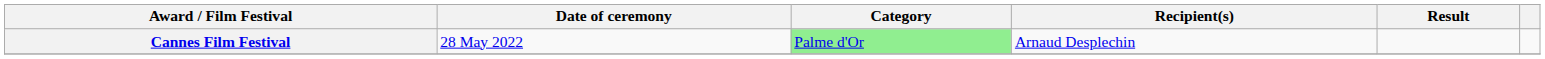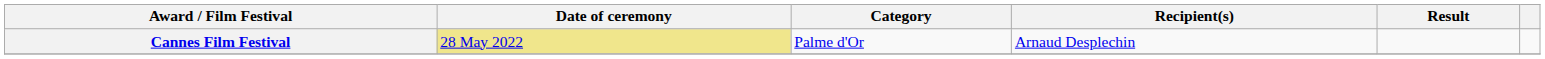 <table class="wikitable sortable plainrowheaders" style="width: 100%;">
 <tr>
 <th scope="col">Award / Film Festival</th>
 <th scope="col">Date of ceremony</th>
 <th scope="col">Category</th>
 <th scope="col">Recipient(s)</th>
 <th scope="col">Result</th>
 <th scope="col" class="unsortable"></th>
 </tr>
 <tr>
 <th scope="row"><a href='#'>Cannes Film Festival</a></th>
-<td><a href='#'>28 May 2022</a></td>
-<td style="background: lightgreen;"><a href='#'>Palme d'Or</a></td>
+<td style="background: khaki;"><a href='#'>28 May 2022</a></td>
+<td><a href='#'>Palme d'Or</a></td>
 <td><a href='#'>Arnaud Desplechin</a></td>
 <td></td>
 <td></td>
 </tr>
 <tr>
 </tr>
 </table>
